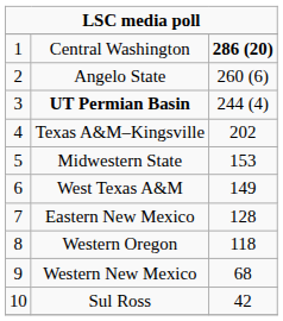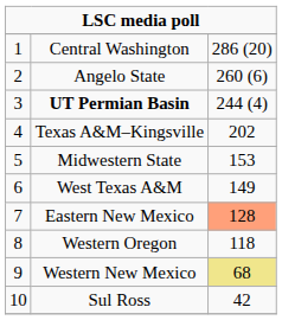 <table class="wikitable" style="display: inline-table;">
 <tr>
 <td align="center" Colspan="3"><strong>LSC media poll</strong></td>
 </tr>
 <tr align="center">
 </tr>
 <tr align="center">
 <td>1</td>
 <td>Central Washington</td>
-<td><strong>286 (20)</strong></td>
+<td>286 (20)</td>
 </tr>
 <tr align="center">
 <td>2</td>
 <td>Angelo State</td>
 <td>260 (6)</td>
 </tr>
 <tr align="center">
 <td>3</td>
 <td><strong>UT Permian Basin</strong></td>
 <td>244 (4)</td>
 </tr>
 <tr align="center">
 <td>4</td>
 <td>Texas A&M–Kingsville</td>
 <td>202</td>
 </tr>
 <tr align="center">
 <td>5</td>
 <td>Midwestern State</td>
 <td>153</td>
 </tr>
 <tr align="center">
 <td>6</td>
 <td>West Texas A&M</td>
 <td>149</td>
 </tr>
 <tr align="center">
 <td>7</td>
 <td>Eastern New Mexico</td>
-<td>128</td>
+<td style="background: lightsalmon;">128</td>
 </tr>
 <tr align="center">
 <td>8</td>
 <td>Western Oregon</td>
 <td>118</td>
 </tr>
 <tr align="center">
 <td>9</td>
 <td>Western New Mexico</td>
-<td>68</td>
+<td style="background: khaki;">68</td>
 </tr>
 <tr align="center">
 <td>10</td>
 <td>Sul Ross</td>
 <td>42</td>
 </tr>
 <tr>
 </tr>
 </table>
